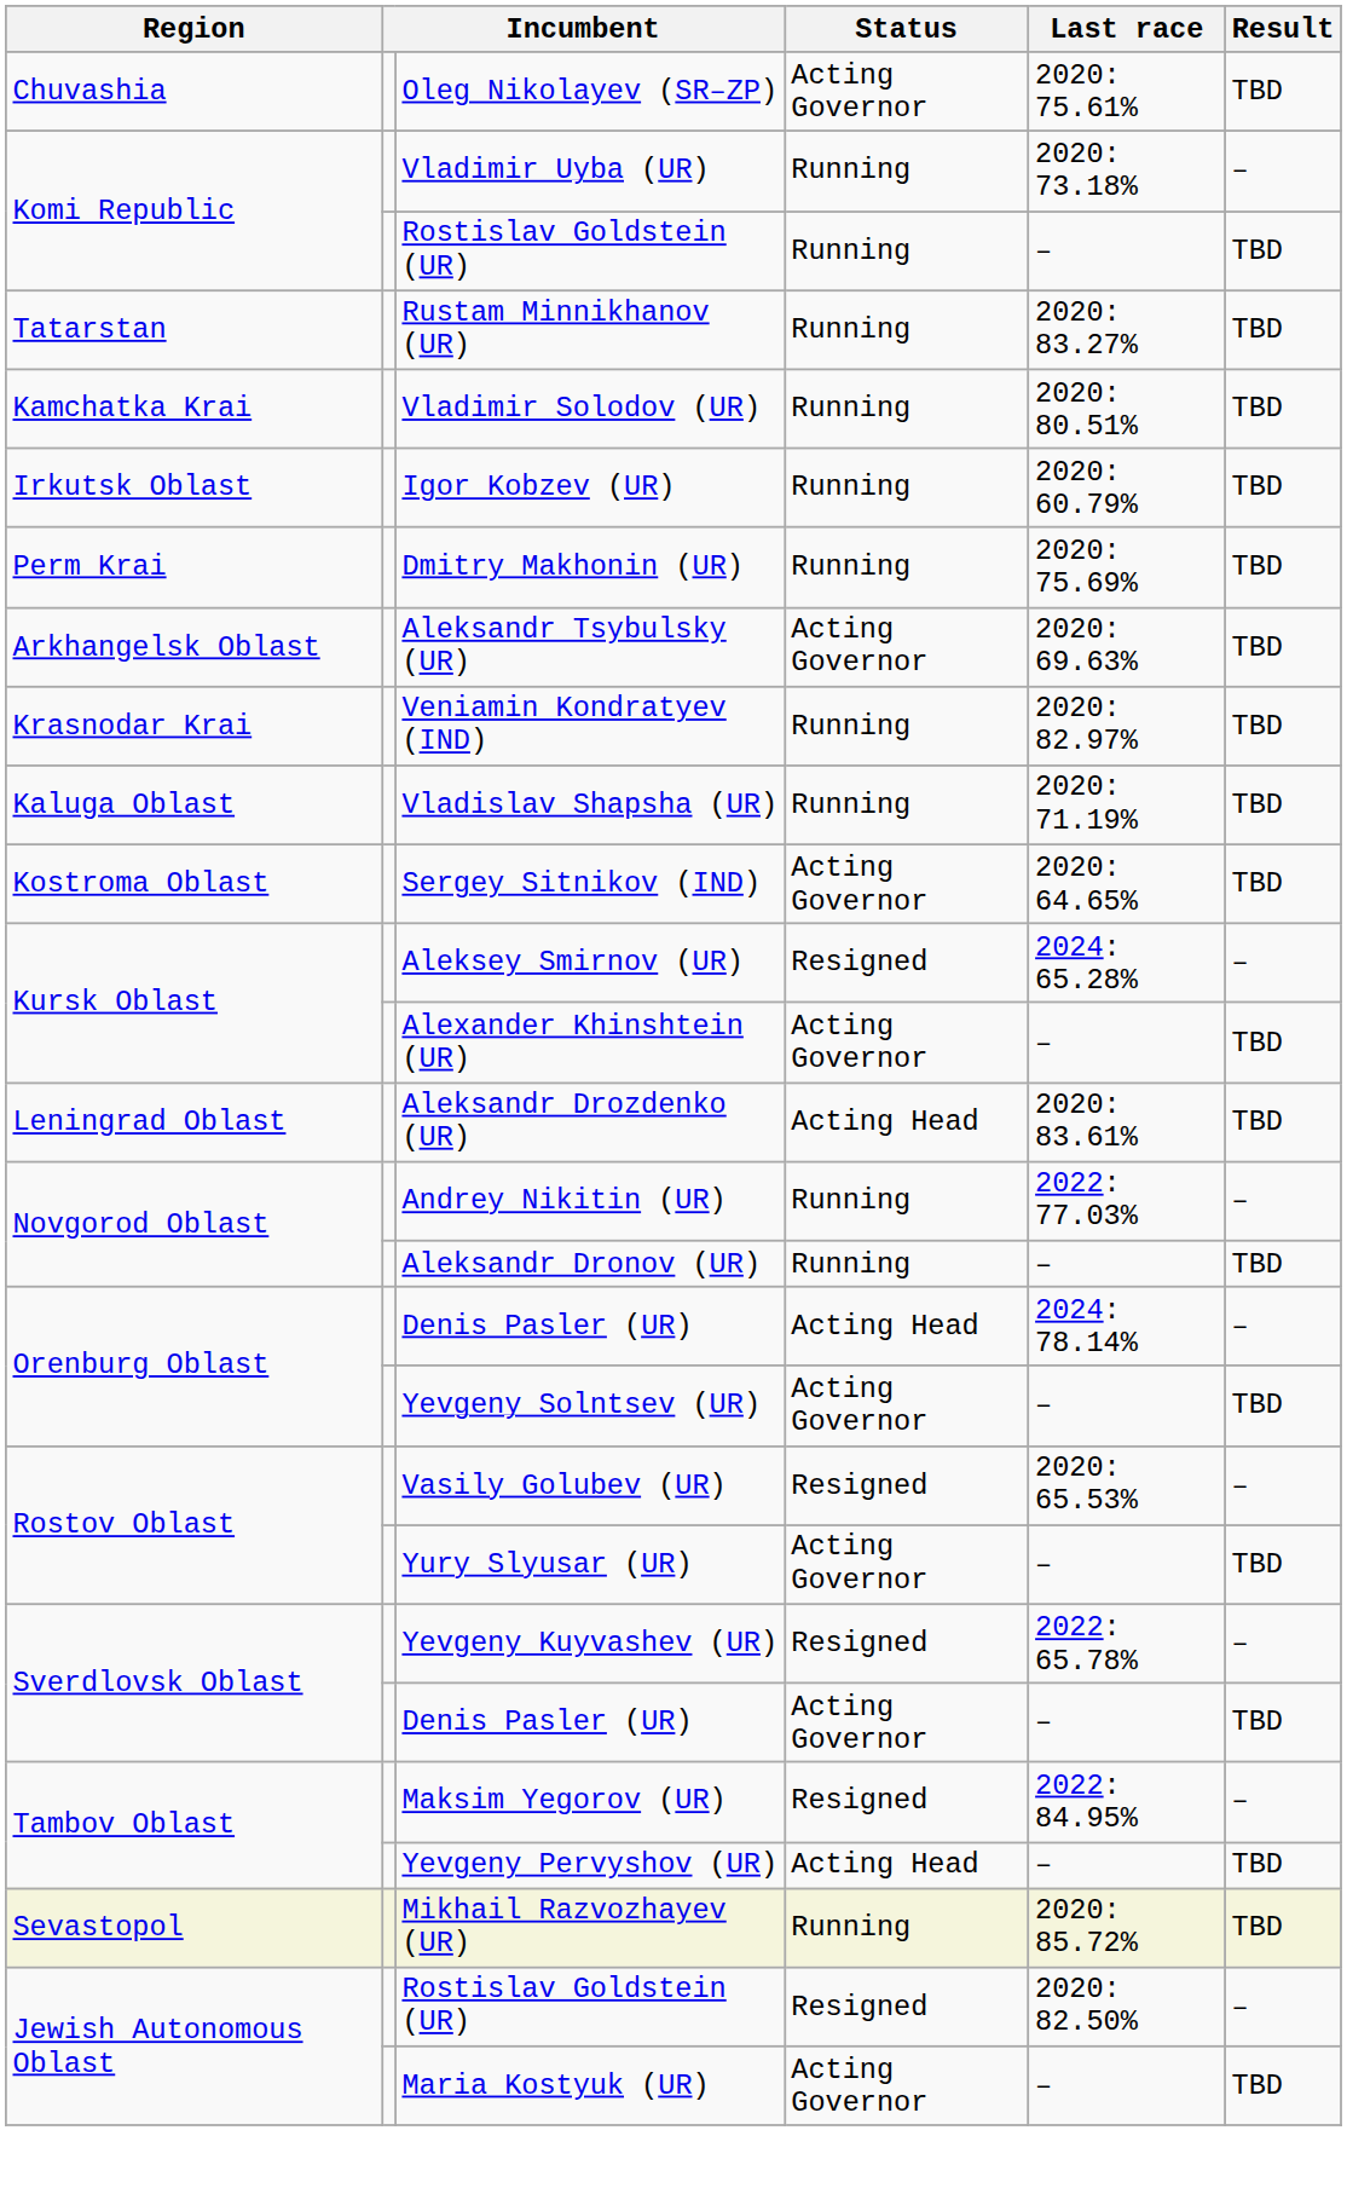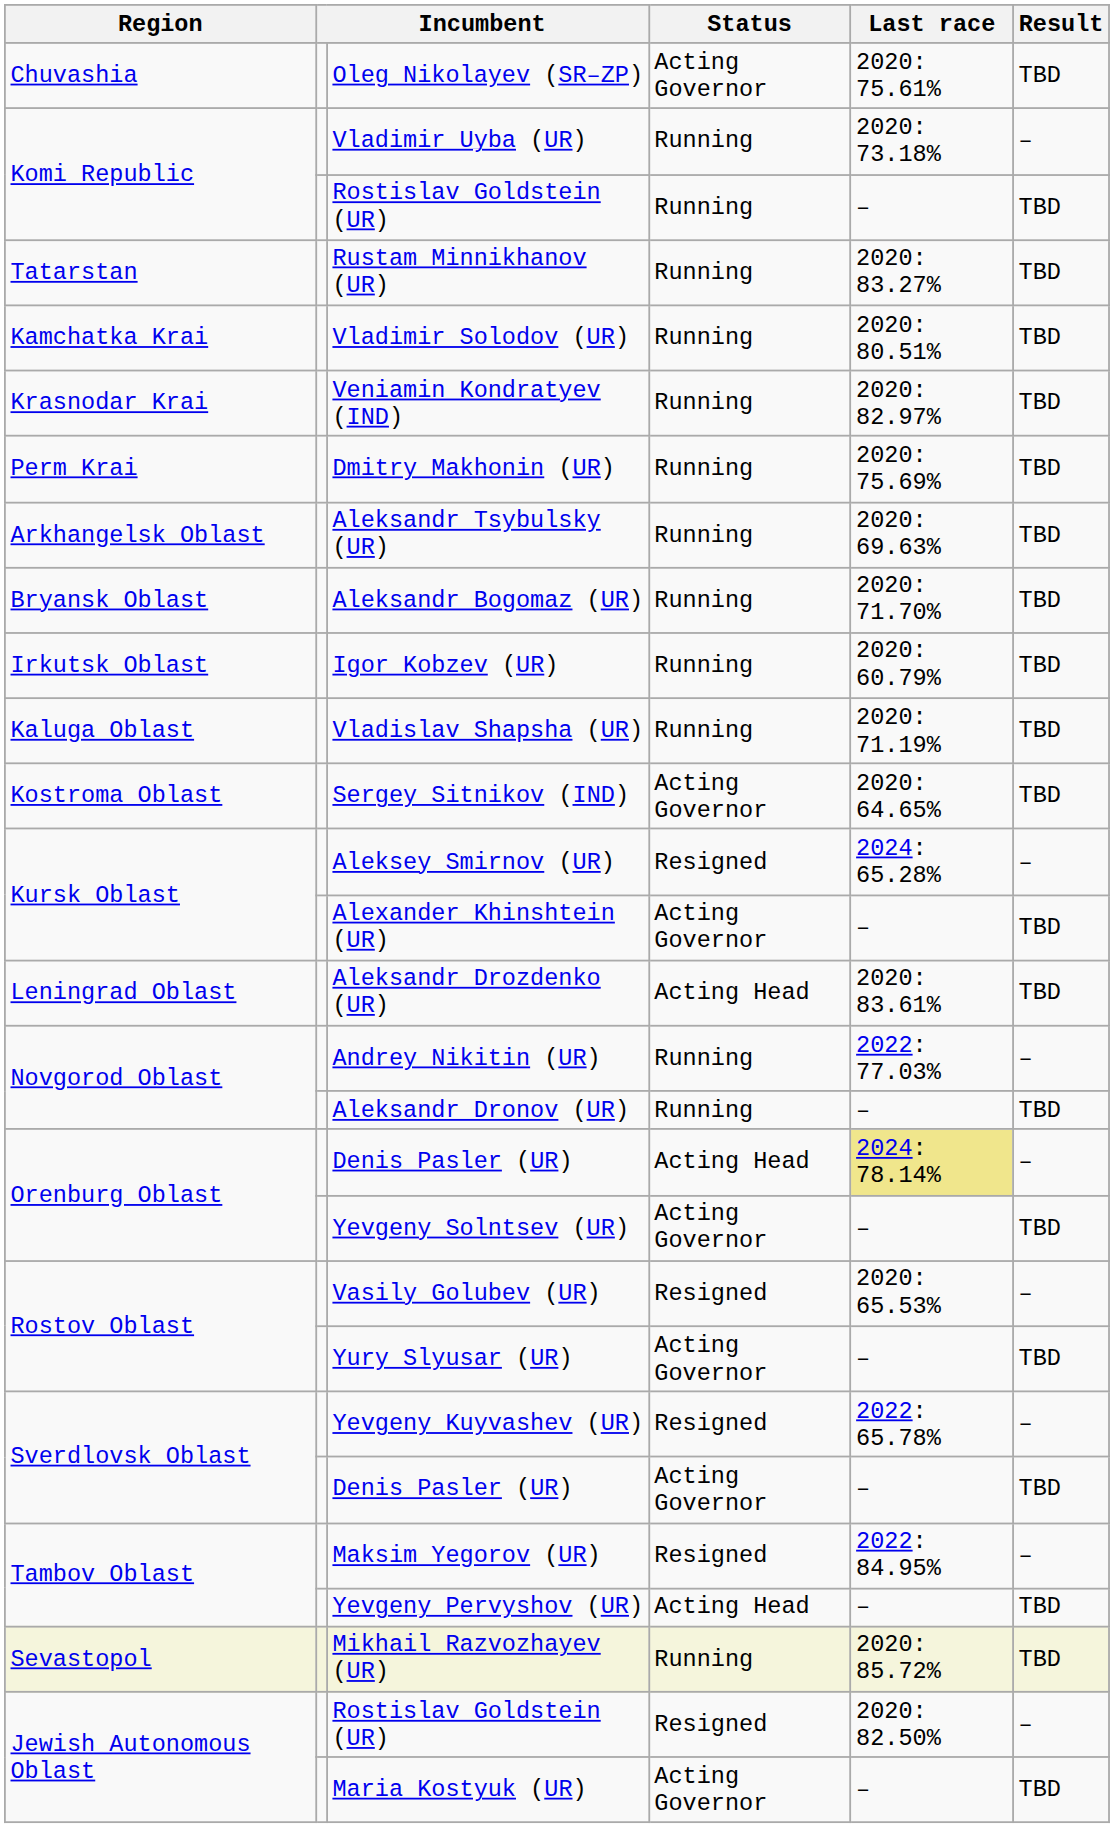 <table class="wikitable">
 <tr>
 <th>Region</th>
 <th colspan=2>Incumbent</th>
 <th>Status</th>
 <th>Last race</th>
 <th>Result</th>
 </tr>
 <tr>
 <td><a href='#'>Chuvashia</a></td>
 <td style="background-color:"></td>
 <td><a href='#'>Oleg Nikolayev</a> (<a href='#'>SR–ZP</a>)</td>
 <td>Acting Governor</td>
 <td>2020: 75.61%</td>
 <td>TBD</td>
 </tr>
 <tr>
 <td rowspan=2><a href='#'>Komi Republic</a></td>
 <td style="background-color:"></td>
 <td><a href='#'>Vladimir Uyba</a> (<a href='#'>UR</a>)</td>
 <td>Running</td>
 <td>2020: 73.18%</td>
 <td>–</td>
 </tr>
 <tr>
 <td style="background-color:"></td>
 <td><a href='#'>Rostislav Goldstein</a> (<a href='#'>UR</a>)</td>
 <td>Running</td>
 <td>–</td>
 <td>TBD</td>
 </tr>
 <tr>
 <td><a href='#'>Tatarstan</a></td>
 <td style="background-color:"></td>
 <td><a href='#'>Rustam Minnikhanov</a> (<a href='#'>UR</a>)</td>
 <td>Running</td>
 <td>2020: 83.27%</td>
 <td>TBD</td>
 </tr>
 <tr>
 <td><a href='#'>Kamchatka Krai</a></td>
 <td style="background-color:"></td>
 <td><a href='#'>Vladimir Solodov</a> (<a href='#'>UR</a>)</td>
 <td>Running</td>
 <td>2020: 80.51%</td>
 <td>TBD</td>
 </tr>
 <tr>
-<td><a href='#'>Irkutsk Oblast</a></td>
+<td><a href='#'>Krasnodar Krai</a></td>
 <td style="background-color:"></td>
-<td><a href='#'>Igor Kobzev</a> (<a href='#'>UR</a>)</td>
+<td><a href='#'>Veniamin Kondratyev</a> (<a href='#'>IND</a>)</td>
 <td>Running</td>
-<td>2020: 60.79%</td>
+<td>2020: 82.97%</td>
 <td>TBD</td>
 </tr>
 <tr>
 <td><a href='#'>Perm Krai</a></td>
 <td style="background-color:"></td>
 <td><a href='#'>Dmitry Makhonin</a> (<a href='#'>UR</a>)</td>
 <td>Running</td>
 <td>2020: 75.69%</td>
 <td>TBD</td>
 </tr>
 <tr>
 <td><a href='#'>Arkhangelsk Oblast</a></td>
 <td style="background-color:"></td>
 <td><a href='#'>Aleksandr Tsybulsky</a> (<a href='#'>UR</a>)</td>
-<td>Acting Governor</td>
+<td>Running</td>
 <td>2020: 69.63%</td>
 <td>TBD</td>
 </tr>
 <tr>
-<td><a href='#'>Krasnodar Krai</a></td>
+<td><a href='#'>Bryansk Oblast</a></td>
 <td style="background-color:"></td>
-<td><a href='#'>Veniamin Kondratyev</a> (<a href='#'>IND</a>)</td>
+<td><a href='#'>Aleksandr Bogomaz</a> (<a href='#'>UR</a>)</td>
 <td>Running</td>
-<td>2020: 82.97%</td>
+<td>2020: 71.70%</td>
+<td>TBD</td>
+</tr>
+<tr>
+<td><a href='#'>Irkutsk Oblast</a></td>
+<td style="background-color:"></td>
+<td><a href='#'>Igor Kobzev</a> (<a href='#'>UR</a>)</td>
+<td>Running</td>
+<td>2020: 60.79%</td>
 <td>TBD</td>
 </tr>
 <tr>
 <td><a href='#'>Kaluga Oblast</a></td>
 <td style="background-color:"></td>
 <td><a href='#'>Vladislav Shapsha</a> (<a href='#'>UR</a>)</td>
 <td>Running</td>
 <td>2020: 71.19%</td>
 <td>TBD</td>
 </tr>
 <tr>
 <td><a href='#'>Kostroma Oblast</a></td>
 <td style="background-color:"></td>
 <td><a href='#'>Sergey Sitnikov</a> (<a href='#'>IND</a>)</td>
 <td>Acting Governor</td>
 <td>2020: 64.65%</td>
 <td>TBD</td>
 </tr>
 <tr>
 <td rowspan=2><a href='#'>Kursk Oblast</a></td>
 <td style="background-color:"></td>
 <td><a href='#'>Aleksey Smirnov</a> (<a href='#'>UR</a>)</td>
 <td>Resigned</td>
 <td><a href='#'>2024</a>: 65.28%</td>
 <td>–</td>
 </tr>
 <tr>
 <td style="background-color:"></td>
 <td><a href='#'>Alexander Khinshtein</a> (<a href='#'>UR</a>)</td>
 <td>Acting Governor</td>
 <td>–</td>
 <td>TBD</td>
 </tr>
 <tr>
 <td><a href='#'>Leningrad Oblast</a></td>
 <td style="background-color:"></td>
 <td><a href='#'>Aleksandr Drozdenko</a> (<a href='#'>UR</a>)</td>
 <td>Acting Head</td>
 <td>2020: 83.61%</td>
 <td>TBD</td>
 </tr>
 <tr>
 <td rowspan=2><a href='#'>Novgorod Oblast</a></td>
 <td style="background-color:"></td>
 <td><a href='#'>Andrey Nikitin</a> (<a href='#'>UR</a>)</td>
 <td>Running</td>
 <td><a href='#'>2022</a>: 77.03%</td>
 <td>–</td>
 </tr>
 <tr>
 <td style="background-color:"></td>
 <td><a href='#'>Aleksandr Dronov</a> (<a href='#'>UR</a>)</td>
 <td>Running</td>
 <td>–</td>
 <td>TBD</td>
 </tr>
 <tr>
 <td rowspan=2><a href='#'>Orenburg Oblast</a></td>
 <td style="background-color:"></td>
 <td><a href='#'>Denis Pasler</a> (<a href='#'>UR</a>)</td>
 <td>Acting Head</td>
-<td><a href='#'>2024</a>: 78.14%</td>
+<td style="background: khaki;"><a href='#'>2024</a>: 78.14%</td>
 <td>–</td>
 </tr>
 <tr>
 <td style="background-color:"></td>
 <td><a href='#'>Yevgeny Solntsev</a> (<a href='#'>UR</a>)</td>
 <td>Acting Governor</td>
 <td>–</td>
 <td>TBD</td>
 </tr>
 <tr>
 <td rowspan=2><a href='#'>Rostov Oblast</a></td>
 <td style="background-color:"></td>
 <td><a href='#'>Vasily Golubev</a> (<a href='#'>UR</a>)</td>
 <td>Resigned</td>
 <td>2020: 65.53%</td>
 <td>–</td>
 </tr>
 <tr>
 <td style="background-color:"></td>
 <td><a href='#'>Yury Slyusar</a> (<a href='#'>UR</a>)</td>
 <td>Acting Governor</td>
 <td>–</td>
 <td>TBD</td>
 </tr>
 <tr>
 <td rowspan=2><a href='#'>Sverdlovsk Oblast</a></td>
 <td style="background-color:"></td>
 <td><a href='#'>Yevgeny Kuyvashev</a> (<a href='#'>UR</a>)</td>
 <td>Resigned</td>
 <td><a href='#'>2022</a>: 65.78%</td>
 <td>–</td>
 </tr>
 <tr>
 <td style="background-color:"></td>
 <td><a href='#'>Denis Pasler</a> (<a href='#'>UR</a>)</td>
 <td>Acting Governor</td>
 <td>–</td>
 <td>TBD</td>
 </tr>
 <tr>
 <td rowspan=2><a href='#'>Tambov Oblast</a></td>
 <td style="background-color:"></td>
 <td><a href='#'>Maksim Yegorov</a> (<a href='#'>UR</a>)</td>
 <td>Resigned</td>
 <td><a href='#'>2022</a>: 84.95%</td>
 <td>–</td>
 </tr>
 <tr>
 <td style="background-color:"></td>
 <td><a href='#'>Yevgeny Pervyshov</a> (<a href='#'>UR</a>)</td>
 <td>Acting Head</td>
 <td>–</td>
 <td>TBD</td>
 </tr>
 <tr style="background-color:Beige;">
 <td><a href='#'>Sevastopol</a></td>
 <td style="background-color:"></td>
 <td><a href='#'>Mikhail Razvozhayev</a> (<a href='#'>UR</a>)</td>
 <td>Running</td>
 <td>2020: 85.72%</td>
 <td>TBD</td>
 </tr>
 <tr>
 <td rowspan=2><a href='#'>Jewish Autonomous Oblast</a></td>
 <td style="background-color:"></td>
 <td><a href='#'>Rostislav Goldstein</a> (<a href='#'>UR</a>)</td>
 <td>Resigned</td>
 <td>2020: 82.50%</td>
 <td>–</td>
 </tr>
 <tr>
 <td style="background-color:"></td>
 <td><a href='#'>Maria Kostyuk</a> (<a href='#'>UR</a>)</td>
 <td>Acting Governor</td>
 <td>–</td>
 <td>TBD</td>
 </tr>
 </table>
